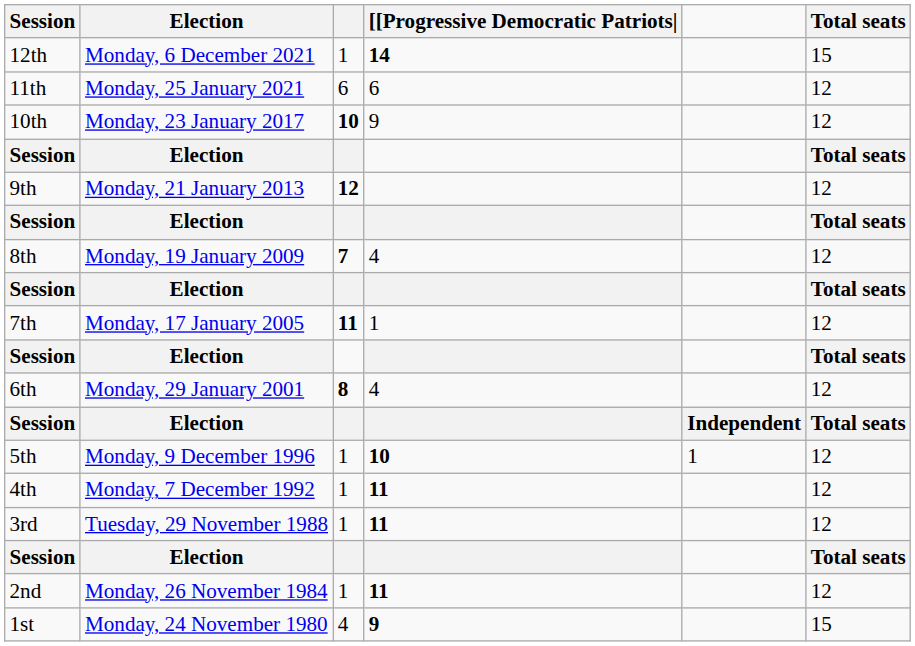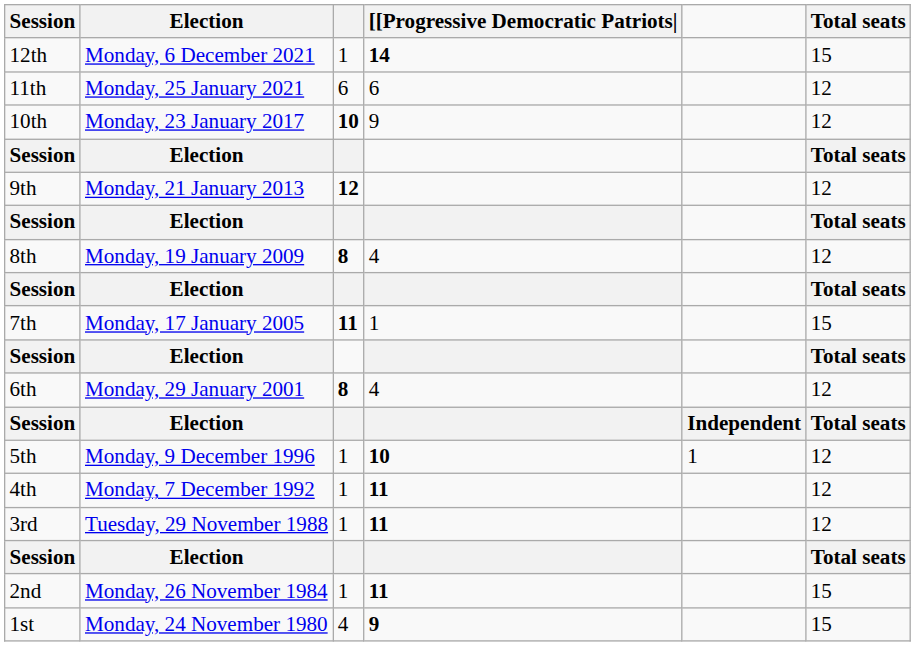 <table class="wikitable">
 <tr>
 <th>Session</th>
 <th>Election</th>
 <th style="background:"><a href='#'></a></th>
 <th style="background:">[[Progressive Democratic Patriots|</th>
 <td></td>
 <th>Total seats</th>
 </tr>
 <tr>
 <td>12th</td>
 <td><a href='#'>Monday, 6 December 2021</a></td>
 <td>1</td>
 <td><strong>14</strong></td>
 <td></td>
 <td>15</td>
 </tr>
 <tr>
 <td>11th</td>
 <td><a href='#'>Monday, 25 January 2021</a></td>
 <td>6</td>
 <td>6</td>
 <td></td>
 <td>12</td>
 </tr>
 <tr>
 <td>10th</td>
 <td><a href='#'>Monday, 23 January 2017</a></td>
 <td><strong>10</strong></td>
 <td>9</td>
 <td></td>
 <td>12</td>
 </tr>
 <tr>
 <th>Session</th>
 <th>Election</th>
 <th style="background:"><a href='#'></a></th>
 <td></td>
 <td></td>
 <th>Total seats</th>
 </tr>
 <tr>
 <td>9th</td>
 <td><a href='#'>Monday, 21 January 2013</a></td>
 <td><strong>12</strong></td>
 <td></td>
 <td></td>
 <td>12</td>
 </tr>
 <tr>
 <th>Session</th>
 <th>Election</th>
 <th style="background:"><a href='#'></a></th>
 <th style="background:"><a href='#'></a></th>
 <td></td>
 <th>Total seats</th>
 </tr>
 <tr>
 <td>8th</td>
 <td><a href='#'>Monday, 19 January 2009</a></td>
-<td><strong>7</strong></td>
+<td><strong>8</strong></td>
 <td>4</td>
 <td></td>
 <td>12</td>
 </tr>
 <tr>
 <th>Session</th>
 <th>Election</th>
 <th style="background:"><a href='#'></a></th>
 <th style="background:"><a href='#'></a> </th>
 <td></td>
 <th>Total seats</th>
 </tr>
 <tr>
 <td>7th</td>
 <td><a href='#'>Monday, 17 January 2005</a></td>
 <td><strong>11</strong></td>
 <td>1</td>
 <td></td>
-<td>12</td>
+<td>15</td>
 </tr>
 <tr>
 <th>Session</th>
 <th>Election</th>
 <td style="background:"><a href='#'><strong></strong></a></td>
 <th style="background:"><a href='#'></a> </th>
 <td></td>
 <th>Total seats</th>
 </tr>
 <tr>
 <td>6th</td>
 <td><a href='#'>Monday, 29 January 2001</a></td>
 <td><strong>8</strong></td>
 <td>4</td>
 <td></td>
 <td>12</td>
 </tr>
 <tr>
 <th>Session</th>
 <th>Election</th>
 <th style="background:"><a href='#'></a></th>
 <th style="background:"><a href='#'></a> </th>
 <th>Independent</th>
 <th>Total seats</th>
 </tr>
 <tr>
 <td>5th</td>
 <td><a href='#'>Monday, 9 December 1996</a></td>
 <td>1</td>
 <td><strong>10</strong></td>
 <td>1</td>
 <td>12</td>
 </tr>
 <tr>
 <td>4th</td>
 <td><a href='#'>Monday, 7 December 1992</a></td>
 <td>1</td>
 <td><strong>11</strong></td>
 <td></td>
 <td>12</td>
 </tr>
 <tr>
 <td>3rd</td>
 <td><a href='#'>Tuesday, 29 November 1988</a></td>
 <td>1</td>
 <td><strong>11</strong></td>
 <td></td>
 <td>12</td>
 </tr>
 <tr>
 <th>Session</th>
 <th>Election</th>
 <th style="background:"><a href='#'></a></th>
 <th style="background:"><a href='#'></a> </th>
 <td></td>
 <th>Total seats</th>
 </tr>
 <tr>
 <td>2nd</td>
 <td><a href='#'>Monday, 26 November 1984</a></td>
 <td>1</td>
 <td><strong>11</strong></td>
 <td></td>
-<td>12</td>
+<td>15</td>
 </tr>
 <tr>
 <td>1st</td>
 <td><a href='#'>Monday, 24 November 1980</a></td>
 <td>4</td>
 <td><strong>9</strong></td>
 <td></td>
 <td>15</td>
 </tr>
 </table>
